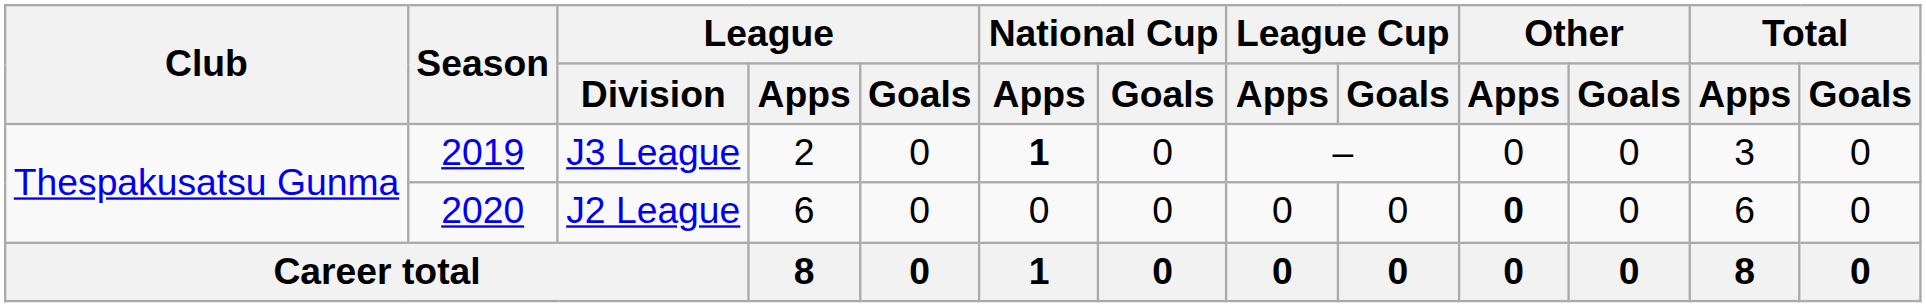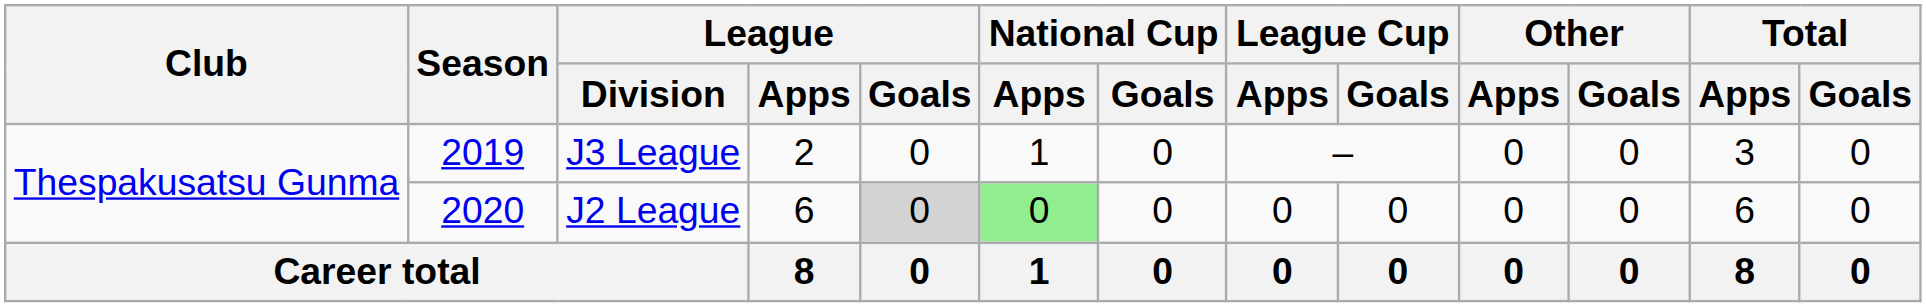 <table class="wikitable" style="text-align: center">
 <tr>
 <th rowspan="2">Club</th>
 <th rowspan="2">Season</th>
 <th colspan="3">League</th>
 <th colspan="2">National Cup</th>
 <th colspan="2">League Cup</th>
 <th colspan="2">Other</th>
 <th colspan="2">Total</th>
 </tr>
 <tr>
 <th>Division</th>
 <th>Apps</th>
 <th>Goals</th>
 <th>Apps</th>
 <th>Goals</th>
 <th>Apps</th>
 <th>Goals</th>
 <th>Apps</th>
 <th>Goals</th>
 <th>Apps</th>
 <th>Goals</th>
 </tr>
 <tr>
 <td rowspan="2"><a href='#'>Thespakusatsu Gunma</a></td>
 <td><a href='#'>2019</a></td>
 <td><a href='#'>J3 League</a></td>
 <td>2</td>
 <td>0</td>
-<td><strong>1</strong></td>
+<td>1</td>
 <td>0</td>
 <td colspan="2">–</td>
 <td>0</td>
 <td>0</td>
 <td>3</td>
 <td>0</td>
 </tr>
 <tr>
 <td><a href='#'>2020</a></td>
 <td><a href='#'>J2 League</a></td>
 <td>6</td>
+<td style="background: lightgrey;">0</td>
+<td style="background: lightgreen;">0</td>
 <td>0</td>
 <td>0</td>
 <td>0</td>
 <td>0</td>
-<td>0</td>
-<td><strong>0</strong></td>
 <td>0</td>
 <td>6</td>
 <td>0</td>
 </tr>
 <tr>
 <th colspan=3>Career total</th>
 <th>8</th>
 <th>0</th>
 <th>1</th>
 <th>0</th>
 <th>0</th>
 <th>0</th>
 <th>0</th>
 <th>0</th>
 <th>8</th>
 <th>0</th>
 </tr>
 </table>
